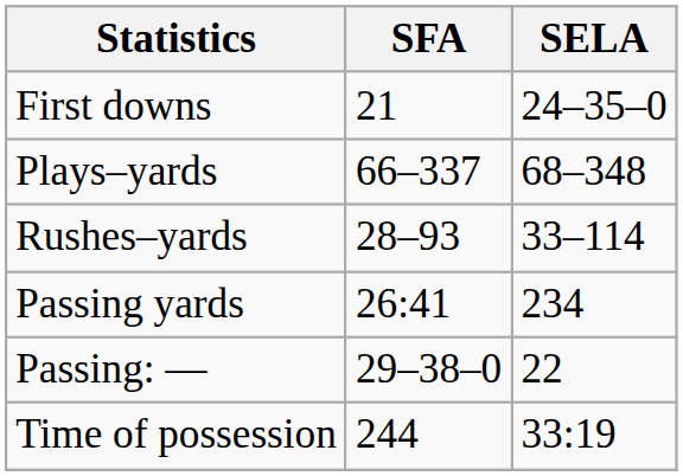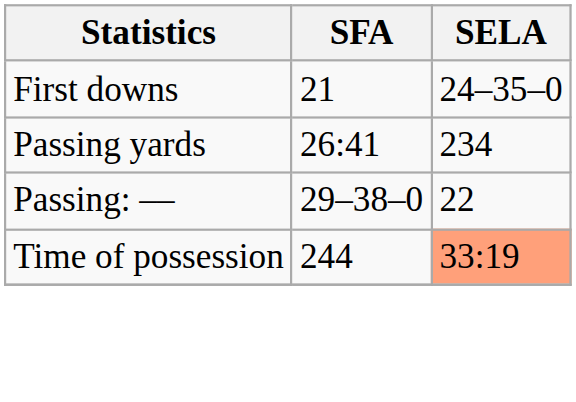 <table class="wikitable" style="float: left;">
 <tr>
 <th>Statistics</th>
 <th>SFA</th>
 <th>SELA</th>
 </tr>
 <tr>
 <td>First downs</td>
 <td>21</td>
 <td>24–35–0</td>
-</tr>
-<tr>
-<td>Plays–yards</td>
-<td>66–337</td>
-<td>68–348</td>
-</tr>
-<tr>
-<td>Rushes–yards</td>
-<td>28–93</td>
-<td>33–114</td>
 </tr>
 <tr>
 <td>Passing yards</td>
 <td>26:41</td>
 <td>234</td>
 </tr>
 <tr>
 <td>Passing: ––</td>
 <td>29–38–0</td>
 <td>22</td>
 </tr>
 <tr>
 <td>Time of possession</td>
 <td>244</td>
-<td>33:19</td>
+<td style="background: lightsalmon;">33:19</td>
 </tr>
 <tr>
 </tr>
 </table>
